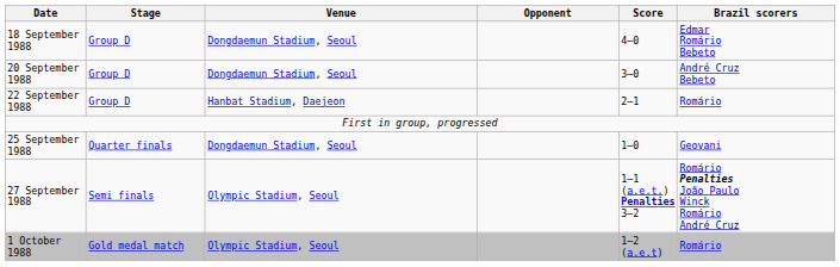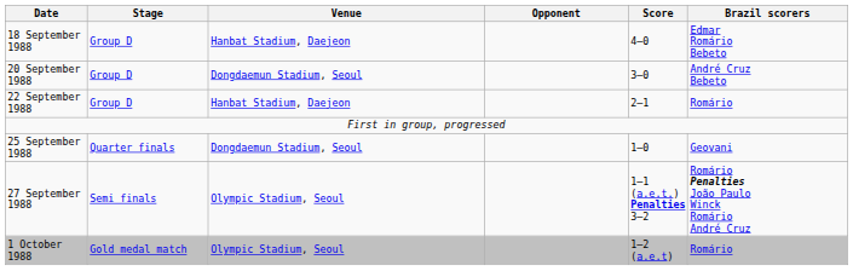 <table class="wikitable">
 <tr>
 <th width=100px>Date</th>
 <th width=150px>Stage</th>
 <th width=350px>Venue</th>
 <th width=180px>Opponent</th>
 <th width=70px>Score</th>
 <th width=200px>Brazil scorers</th>
 </tr>
 <tr>
 <td>18 September 1988</td>
 <td><a href='#'>Group D</a></td>
-<td><a href='#'>Dongdaemun Stadium</a>, <a href='#'>Seoul</a></td>
+<td><a href='#'>Hanbat Stadium</a>, <a href='#'>Daejeon</a></td>
 <td></td>
 <td>4–0</td>
 <td><a href='#'>Edmar</a>  <br> <a href='#'>Romário</a>  <br> <a href='#'>Bebeto</a> </td>
 </tr>
 <tr>
 <td>20 September 1988</td>
 <td><a href='#'>Group D</a></td>
 <td><a href='#'>Dongdaemun Stadium</a>, <a href='#'>Seoul</a></td>
 <td></td>
 <td>3–0</td>
 <td><a href='#'>André Cruz</a>  <br> <a href='#'>Bebeto</a> </td>
 </tr>
 <tr>
 <td>22 September 1988</td>
 <td><a href='#'>Group D</a></td>
 <td><a href='#'>Hanbat Stadium</a>, <a href='#'>Daejeon</a></td>
 <td></td>
 <td>2–1</td>
 <td><a href='#'>Romário</a> </td>
 </tr>
 <tr>
 <td colspan="6" style="text-align:center;"><em>First in group, progressed</em></td>
 </tr>
 <tr>
 <td>25 September 1988</td>
 <td><a href='#'>Quarter finals</a></td>
 <td><a href='#'>Dongdaemun Stadium</a>, <a href='#'>Seoul</a></td>
 <td></td>
 <td>1–0</td>
 <td><a href='#'>Geovani</a> </td>
 </tr>
 <tr>
 <td>27 September 1988</td>
 <td><a href='#'>Semi finals</a></td>
 <td><a href='#'>Olympic Stadium</a>, <a href='#'>Seoul</a></td>
 <td></td>
 <td>1–1 <br> (<a href='#'>a.e.t.</a>) <br> <strong><a href='#'>Penalties</a></strong> <br> 3–2</td>
 <td><a href='#'>Romário</a> <br><strong><em>Penalties</em></strong> <br> <a href='#'>João Paulo</a>  <br> <a href='#'>Winck</a>  <br> <a href='#'>Romário</a>  <br> <a href='#'>André Cruz</a> </td>
 </tr>
 <tr style="background:silver;">
 <td>1 October 1988</td>
 <td><a href='#'>Gold medal match</a></td>
 <td><a href='#'>Olympic Stadium</a>, <a href='#'>Seoul</a></td>
 <td></td>
 <td>1–2 <br> (<a href='#'>a.e.t</a>)</td>
 <td><a href='#'>Romário</a> </td>
 </tr>
 </table>
